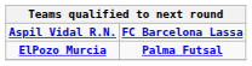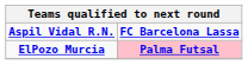 <table class="wikitable" style="text-align: center; margin: 0 auto;">
 <tr>
 <th colspan=4>Teams qualified to next round</th>
 </tr>
 <tr>
 <td><strong><a href='#'>Aspil Vidal R.N.</a></strong></td>
 <td><strong><a href='#'>FC Barcelona Lassa</a></strong></td>
 </tr>
 <tr>
 <td><strong><a href='#'>ElPozo Murcia</a></strong></td>
-<td><strong><a href='#'>Palma Futsal</a></strong></td>
+<td style="background: pink;"><strong><a href='#'>Palma Futsal</a></strong></td>
 </tr>
 <tr>
 </tr>
 </table>
